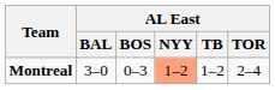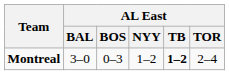 <table class="wikitable" style="text-align:center; font-size: 95%;">
 <tr>
 <th rowspan=2>Team</th>
 <th colspan=5>AL East</th>
 </tr>
 <tr>
 <th><strong>BAL</strong></th>
 <th><strong>BOS</strong></th>
 <th><strong>NYY</strong></th>
 <th><strong>TB</strong></th>
 <th><strong>TOR</strong></th>
 </tr>
 <tr>
 <td><strong>Montreal</strong></td>
 <td>3–0</td>
 <td>0–3</td>
-<td style="background: lightsalmon;">1–2</td>
 <td>1–2</td>
+<td><strong>1–2</strong></td>
 <td>2–4</td>
 </tr>
 </table>
